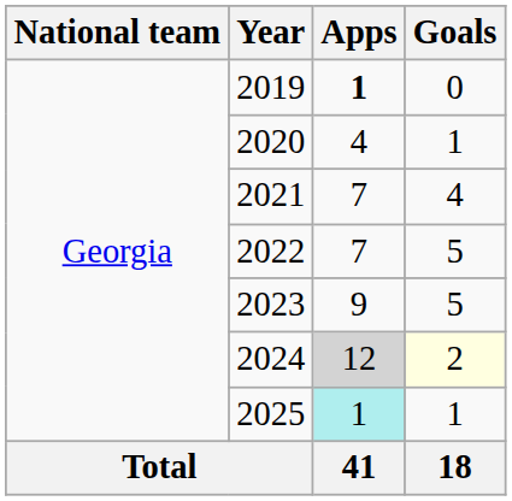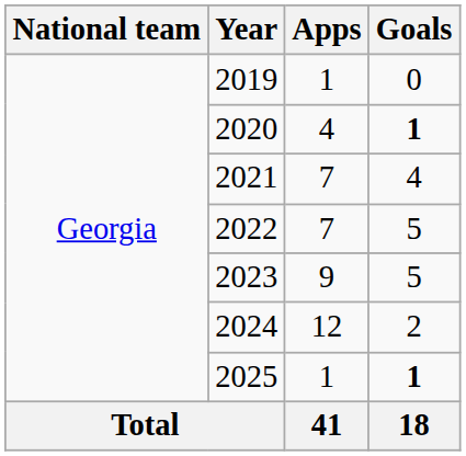 <table class="wikitable" style="text-align:center">
 <tr>
 <th>National team</th>
 <th>Year</th>
 <th>Apps</th>
 <th>Goals</th>
 </tr>
 <tr>
 <td rowspan="7"><a href='#'>Georgia</a></td>
 <td>2019</td>
-<td><strong>1</strong></td>
+<td>1</td>
 <td>0</td>
 </tr>
 <tr>
 <td>2020</td>
 <td>4</td>
-<td>1</td>
+<td><strong>1</strong></td>
 </tr>
 <tr>
 <td>2021</td>
 <td>7</td>
 <td>4</td>
 </tr>
 <tr>
 <td>2022</td>
 <td>7</td>
 <td>5</td>
 </tr>
 <tr>
 <td>2023</td>
 <td>9</td>
 <td>5</td>
 </tr>
 <tr>
 <td>2024</td>
-<td style="background: lightgrey;">12</td>
-<td style="background: lightyellow;">2</td>
+<td>12</td>
+<td>2</td>
 </tr>
 <tr>
 <td>2025</td>
-<td style="background: paleturquoise;">1</td>
 <td>1</td>
+<td><strong>1</strong></td>
 </tr>
 <tr>
 <th colspan="2">Total</th>
 <th>41</th>
 <th>18</th>
 </tr>
 </table>
